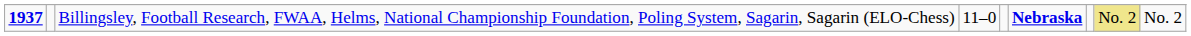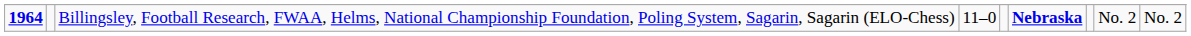 <table class="wikitable">
 <tr>
 </tr>
 <tr>
-<td><strong><a href='#'>1937</a></strong></td>
+<td><strong><a href='#'>1964</a></strong></td>
 <td></td>
 <td><a href='#'>Billingsley</a>, <a href='#'>Football Research</a>, <a href='#'>FWAA</a>, <a href='#'>Helms</a>, <a href='#'>National Championship Foundation</a>, <a href='#'>Poling System</a>, <a href='#'>Sagarin</a>, Sagarin (ELO-Chess)</td>
 <td>11–0</td>
 <td></td>
 <td><strong><a href='#'>Nebraska</a></strong></td>
 <td></td>
-<td style="background: khaki;">No. 2</td>
+<td>No. 2</td>
 <td>No. 2</td>
 </tr>
 </table>
